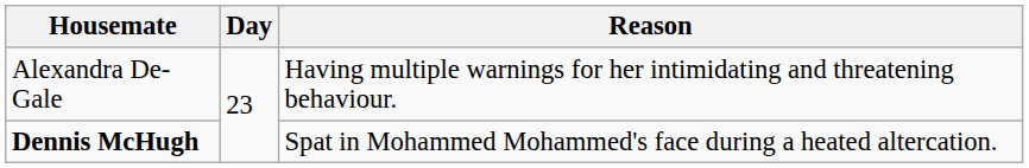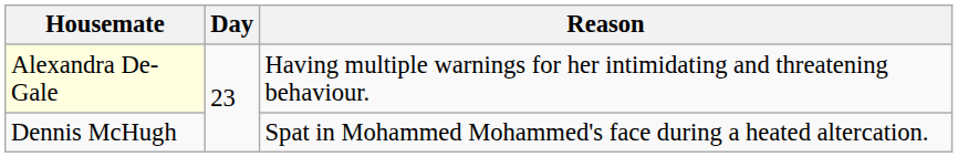 <table class="wikitable">
 <tr>
 <th>Housemate</th>
 <th>Day</th>
 <th>Reason</th>
 </tr>
 <tr>
-<td>Alexandra De-Gale</td>
+<td style="background: lightyellow;">Alexandra De-Gale</td>
 <td rowspan="2">23</td>
 <td>Having multiple warnings for her intimidating and threatening behaviour.</td>
 </tr>
 <tr>
-<td><strong>Dennis McHugh</strong></td>
+<td>Dennis McHugh</td>
 <td>Spat in Mohammed Mohammed's face during a heated altercation.</td>
 </tr>
 </table>
